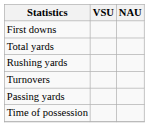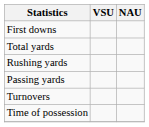 <table class="wikitable">
 <tr>
 <th>Statistics</th>
 <th>VSU</th>
 <th>NAU</th>
 </tr>
 <tr>
 <td>First downs</td>
 <td></td>
 <td></td>
 </tr>
 <tr>
 <td>Total yards</td>
 <td></td>
 <td></td>
 </tr>
 <tr>
 <td>Rushing yards</td>
 <td></td>
 <td></td>
 </tr>
 <tr>
-<td>Turnovers</td>
+<td>Passing yards</td>
 <td></td>
 <td></td>
 </tr>
 <tr>
-<td>Passing yards</td>
+<td>Turnovers</td>
 <td></td>
 <td></td>
 </tr>
 <tr>
 <td>Time of possession</td>
 <td></td>
 <td></td>
 </tr>
 <tr>
 </tr>
 </table>
